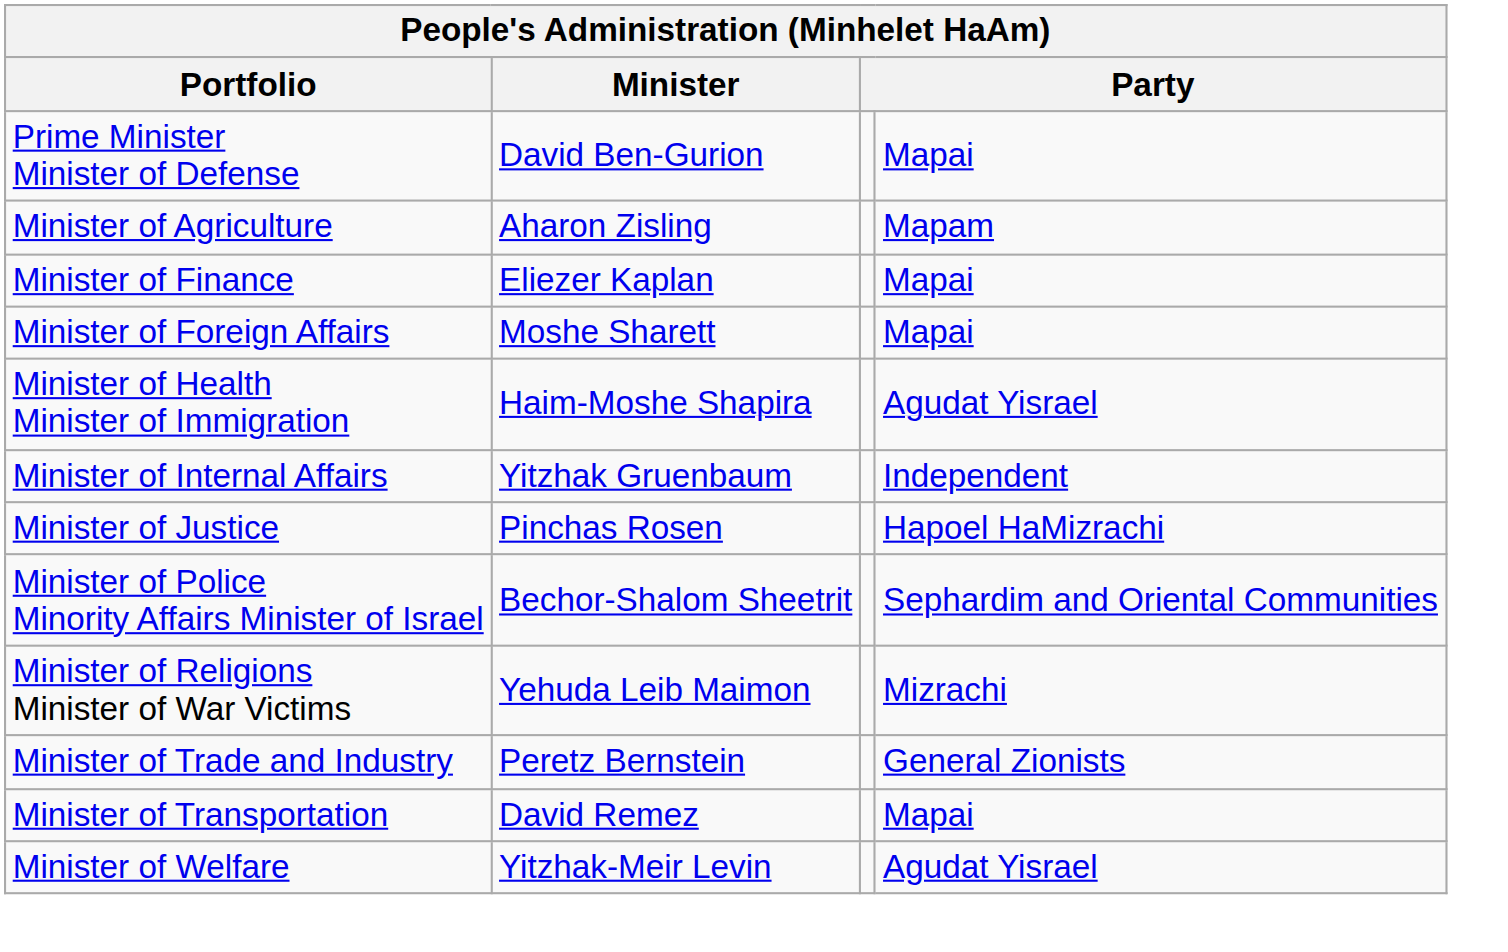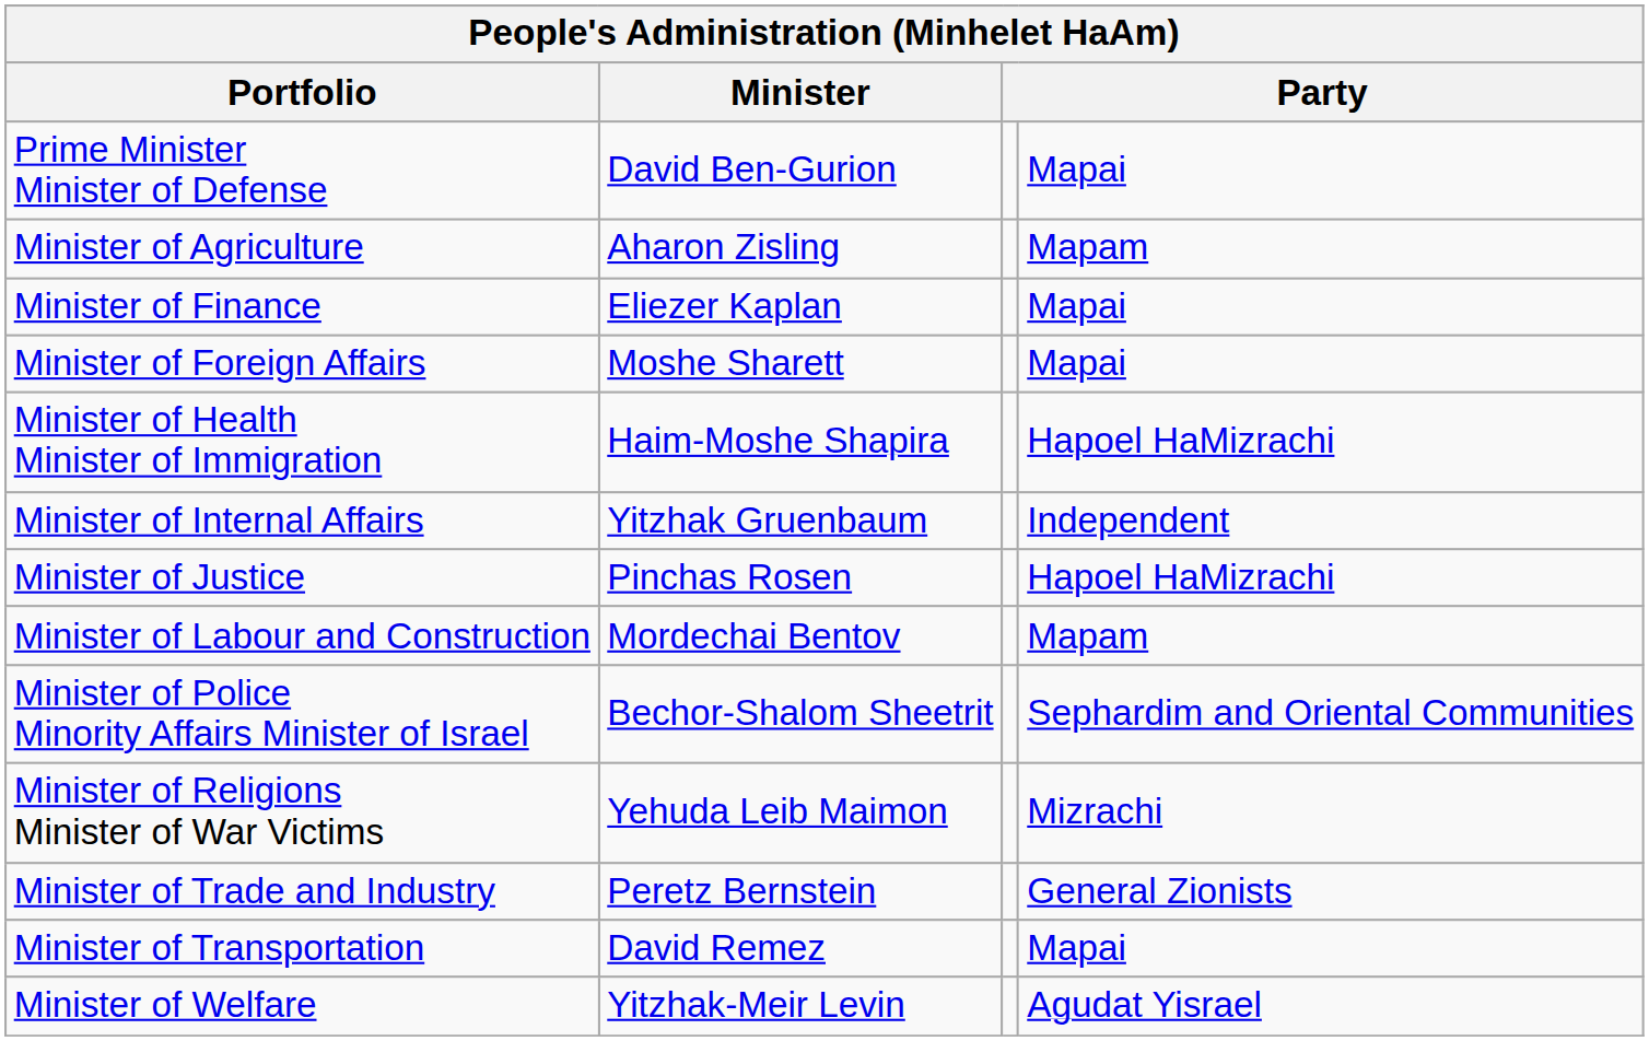 <table class="wikitable sortable" style="text-align:left">
 <tr>
 <th colspan=4>People's Administration (<strong>Minhelet HaAm</strong>)</th>
 </tr>
 <tr>
 <th>Portfolio</th>
 <th>Minister</th>
 <th colspan=2>Party</th>
 </tr>
 <tr>
 <td><a href='#'>Prime Minister</a><br><a href='#'>Minister of Defense</a></td>
 <td><a href='#'>David Ben-Gurion</a></td>
 <td style="background:"></td>
 <td><a href='#'>Mapai</a></td>
 </tr>
 <tr>
 <td><a href='#'>Minister of Agriculture</a></td>
 <td><a href='#'>Aharon Zisling</a></td>
 <td style="background:"></td>
 <td><a href='#'>Mapam</a></td>
 </tr>
 <tr>
 <td><a href='#'>Minister of Finance</a></td>
 <td><a href='#'>Eliezer Kaplan</a></td>
 <td style="background:"></td>
 <td><a href='#'>Mapai</a></td>
 </tr>
 <tr>
 <td><a href='#'>Minister of Foreign Affairs</a></td>
 <td><a href='#'>Moshe Sharett</a></td>
 <td style="background:"></td>
 <td><a href='#'>Mapai</a></td>
 </tr>
 <tr>
 <td><a href='#'>Minister of Health</a><br><a href='#'>Minister of Immigration</a></td>
 <td><a href='#'>Haim-Moshe Shapira</a></td>
 <td style="background:"></td>
-<td><a href='#'>Agudat Yisrael</a></td>
+<td><a href='#'>Hapoel HaMizrachi</a></td>
 </tr>
 <tr>
 <td><a href='#'>Minister of Internal Affairs</a></td>
 <td><a href='#'>Yitzhak Gruenbaum</a></td>
 <td style="background:"></td>
 <td><a href='#'>Independent</a></td>
 </tr>
 <tr>
 <td><a href='#'>Minister of Justice</a></td>
 <td><a href='#'>Pinchas Rosen</a></td>
 <td style="background:"></td>
 <td><a href='#'>Hapoel HaMizrachi</a></td>
+</tr>
+<tr>
+<td><a href='#'>Minister of Labour and Construction</a></td>
+<td><a href='#'>Mordechai Bentov</a></td>
+<td style="background:"></td>
+<td><a href='#'>Mapam</a></td>
 </tr>
 <tr>
 <td><a href='#'>Minister of Police</a><br><a href='#'>Minority Affairs Minister of Israel</a></td>
 <td><a href='#'>Bechor-Shalom Sheetrit</a></td>
 <td style="background:"></td>
 <td><a href='#'>Sephardim and Oriental Communities</a></td>
 </tr>
 <tr>
 <td><a href='#'>Minister of Religions</a><br>Minister of War Victims</td>
 <td><a href='#'>Yehuda Leib Maimon</a></td>
 <td style="background:"></td>
 <td><a href='#'>Mizrachi</a></td>
 </tr>
 <tr>
 <td><a href='#'>Minister of Trade and Industry</a></td>
 <td><a href='#'>Peretz Bernstein</a></td>
 <td style="background:"></td>
 <td><a href='#'>General Zionists</a></td>
 </tr>
 <tr>
 <td><a href='#'>Minister of Transportation</a></td>
 <td><a href='#'>David Remez</a></td>
 <td style="background:"></td>
 <td><a href='#'>Mapai</a></td>
 </tr>
 <tr>
 <td><a href='#'>Minister of Welfare</a></td>
 <td><a href='#'>Yitzhak-Meir Levin</a></td>
 <td style="background:"></td>
 <td><a href='#'>Agudat Yisrael</a></td>
 </tr>
 </table>
